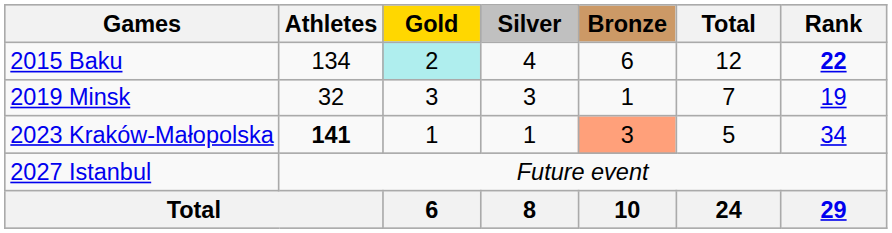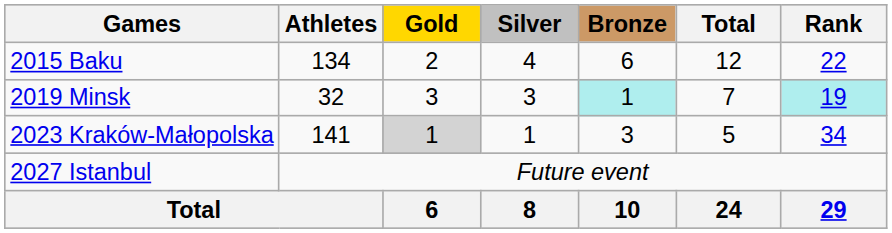 <table class="wikitable" style="text-align:center; font-size:90%;">
 <tr>
 <th>Games</th>
 <th>Athletes</th>
 <td style="background:gold; width:3.7em; font-weight:bold;">Gold</td>
 <td style="background:silver; width:3.7em; font-weight:bold;">Silver</td>
 <td style="background:#cc9966; width:3.7em; font-weight:bold;">Bronze</td>
 <th style="width:4em; font-weight:bold;">Total</th>
 <th style="width:4em; font-weight:bold;">Rank</th>
 </tr>
 <tr>
 <td align=left> <a href='#'>2015 Baku</a></td>
 <td>134</td>
-<td style="background: paleturquoise;">2</td>
+<td>2</td>
 <td>4</td>
 <td>6</td>
 <td>12</td>
-<td><strong><a href='#'>22</a></strong></td>
+<td><a href='#'>22</a></td>
 </tr>
 <tr>
 <td align=left> <a href='#'>2019 Minsk</a></td>
 <td>32</td>
 <td>3</td>
 <td>3</td>
-<td>1</td>
+<td style="background: paleturquoise;">1</td>
 <td>7</td>
-<td><a href='#'>19</a></td>
+<td style="background: paleturquoise;"><a href='#'>19</a></td>
 </tr>
 <tr>
 <td align=left> <a href='#'>2023 Kraków-Małopolska</a></td>
-<td><strong>141</strong></td>
+<td>141</td>
+<td style="background: lightgrey;">1</td>
 <td>1</td>
-<td>1</td>
-<td style="background: lightsalmon;">3</td>
+<td>3</td>
 <td>5</td>
 <td><a href='#'>34</a></td>
 </tr>
 <tr>
 <td align=left> <a href='#'>2027 Istanbul</a></td>
 <td colspan=6><em>Future event</em></td>
 </tr>
 <tr>
 <th colspan=2>Total</th>
 <th>6</th>
 <th>8</th>
 <th>10</th>
 <th>24</th>
 <th><a href='#'>29</a></th>
 </tr>
 </table>
